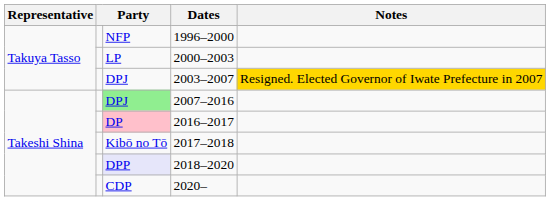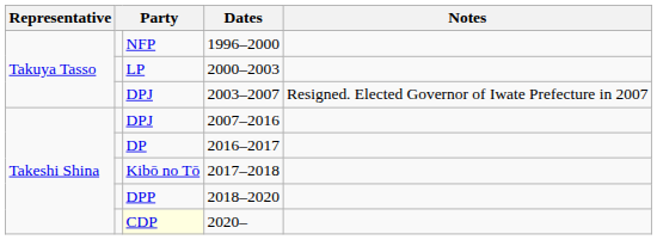 <table class=wikitable>
 <tr valign=bottom>
 <th>Representative</th>
 <th colspan="2">Party</th>
 <th>Dates</th>
 <th>Notes</th>
 </tr>
 <tr>
 <td rowspan="3"><a href='#'>Takuya Tasso</a></td>
 <td bgcolor=></td>
 <td><a href='#'>NFP</a></td>
 <td>1996–2000</td>
 <td></td>
 </tr>
 <tr>
 <td bgcolor=></td>
 <td><a href='#'>LP</a></td>
 <td>2000–2003</td>
 <td></td>
 </tr>
 <tr>
 <td bgcolor=></td>
 <td><a href='#'>DPJ</a></td>
 <td>2003–2007</td>
-<td style="background: gold;">Resigned. Elected Governor of Iwate Prefecture in 2007</td>
+<td>Resigned. Elected Governor of Iwate Prefecture in 2007</td>
 </tr>
 <tr>
 <td rowspan="5"><a href='#'>Takeshi Shina</a></td>
 <td bgcolor=></td>
-<td style="background: lightgreen;"><a href='#'>DPJ</a></td>
+<td><a href='#'>DPJ</a></td>
 <td>2007–2016</td>
 <td></td>
 </tr>
 <tr>
 <td bgcolor=></td>
-<td style="background: pink;"><a href='#'>DP</a></td>
+<td><a href='#'>DP</a></td>
 <td>2016–2017</td>
 <td></td>
 </tr>
 <tr>
 <td bgcolor=></td>
 <td><a href='#'>Kibō no Tō</a></td>
 <td>2017–2018</td>
 <td></td>
 </tr>
 <tr>
 <td bgcolor=></td>
-<td style="background: lavender;"><a href='#'>DPP</a></td>
+<td><a href='#'>DPP</a></td>
 <td>2018–2020</td>
 <td></td>
 </tr>
 <tr>
 <td bgcolor=></td>
-<td><a href='#'>CDP</a></td>
+<td style="background: lightyellow;"><a href='#'>CDP</a></td>
 <td>2020–</td>
 <td></td>
 </tr>
 </table>
